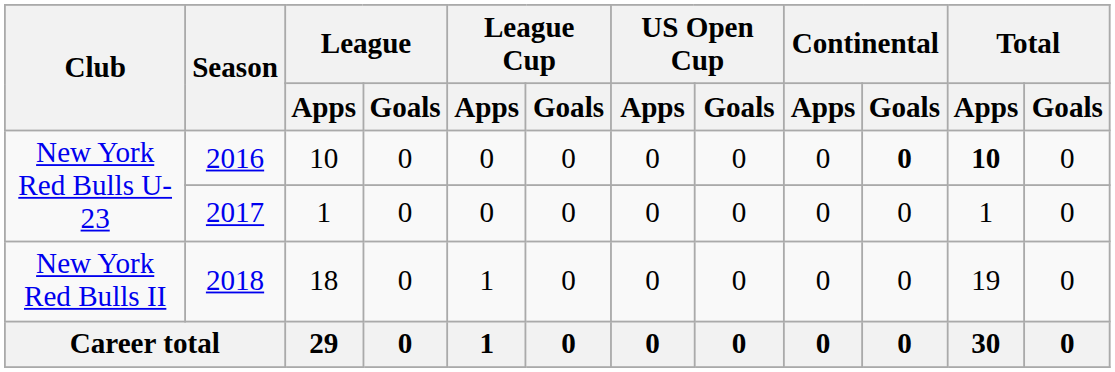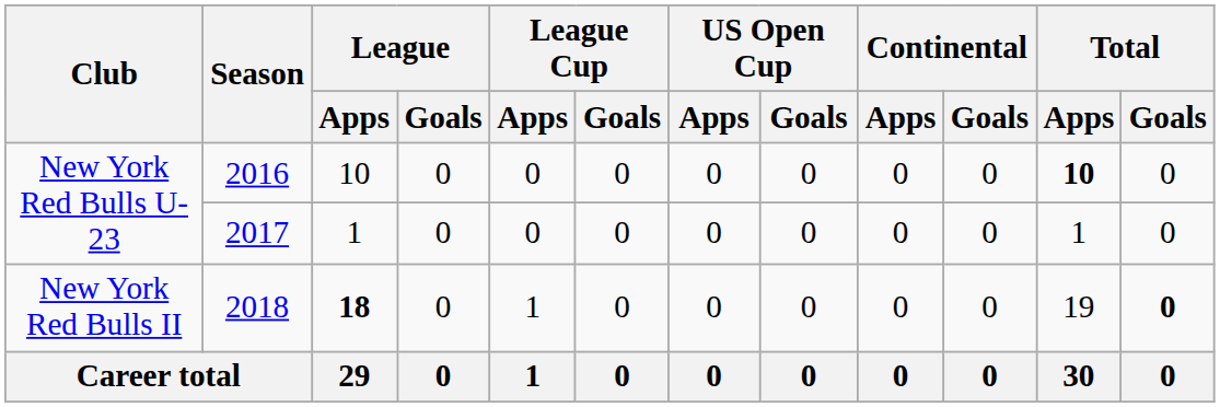 <table class="wikitable" style="text-align: center;">
 <tr>
 <th rowspan="2">Club</th>
 <th rowspan="2">Season</th>
 <th colspan="2">League</th>
 <th colspan="2">League Cup</th>
 <th colspan="2">US Open Cup</th>
 <th colspan="2">Continental</th>
 <th colspan="2">Total</th>
 </tr>
 <tr>
 <th>Apps</th>
 <th>Goals</th>
 <th>Apps</th>
 <th>Goals</th>
 <th>Apps</th>
 <th>Goals</th>
 <th>Apps</th>
 <th>Goals</th>
 <th>Apps</th>
 <th>Goals</th>
 </tr>
 <tr>
 <td rowspan="2"><a href='#'>New York Red Bulls U-23</a></td>
 <td><a href='#'>2016</a></td>
 <td>10</td>
 <td>0</td>
 <td>0</td>
 <td>0</td>
 <td>0</td>
 <td>0</td>
 <td>0</td>
-<td><strong>0</strong></td>
+<td>0</td>
 <td><strong>10</strong></td>
 <td>0</td>
 </tr>
 <tr>
 <td><a href='#'>2017</a></td>
 <td>1</td>
 <td>0</td>
 <td>0</td>
 <td>0</td>
 <td>0</td>
 <td>0</td>
 <td>0</td>
 <td>0</td>
 <td>1</td>
 <td>0</td>
 </tr>
 <tr>
 <td rowspan="1"><a href='#'>New York Red Bulls II</a></td>
 <td><a href='#'>2018</a></td>
-<td>18</td>
+<td><strong>18</strong></td>
 <td>0</td>
 <td>1</td>
 <td>0</td>
 <td>0</td>
 <td>0</td>
 <td>0</td>
 <td>0</td>
 <td>19</td>
-<td>0</td>
+<td><strong>0</strong></td>
 </tr>
 <tr>
 <th colspan="2">Career total</th>
 <th>29</th>
 <th>0</th>
 <th>1</th>
 <th>0</th>
 <th>0</th>
 <th>0</th>
 <th>0</th>
 <th>0</th>
 <th>30</th>
 <th>0</th>
 </tr>
 </table>
